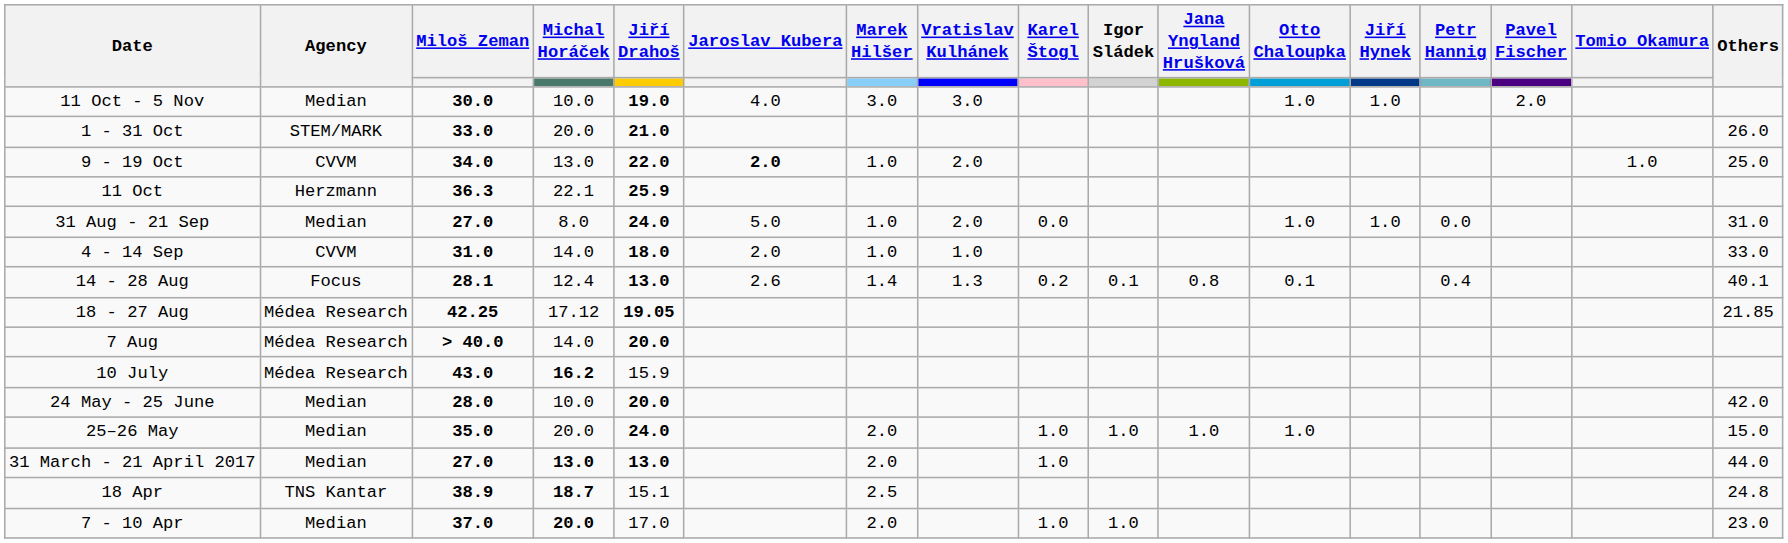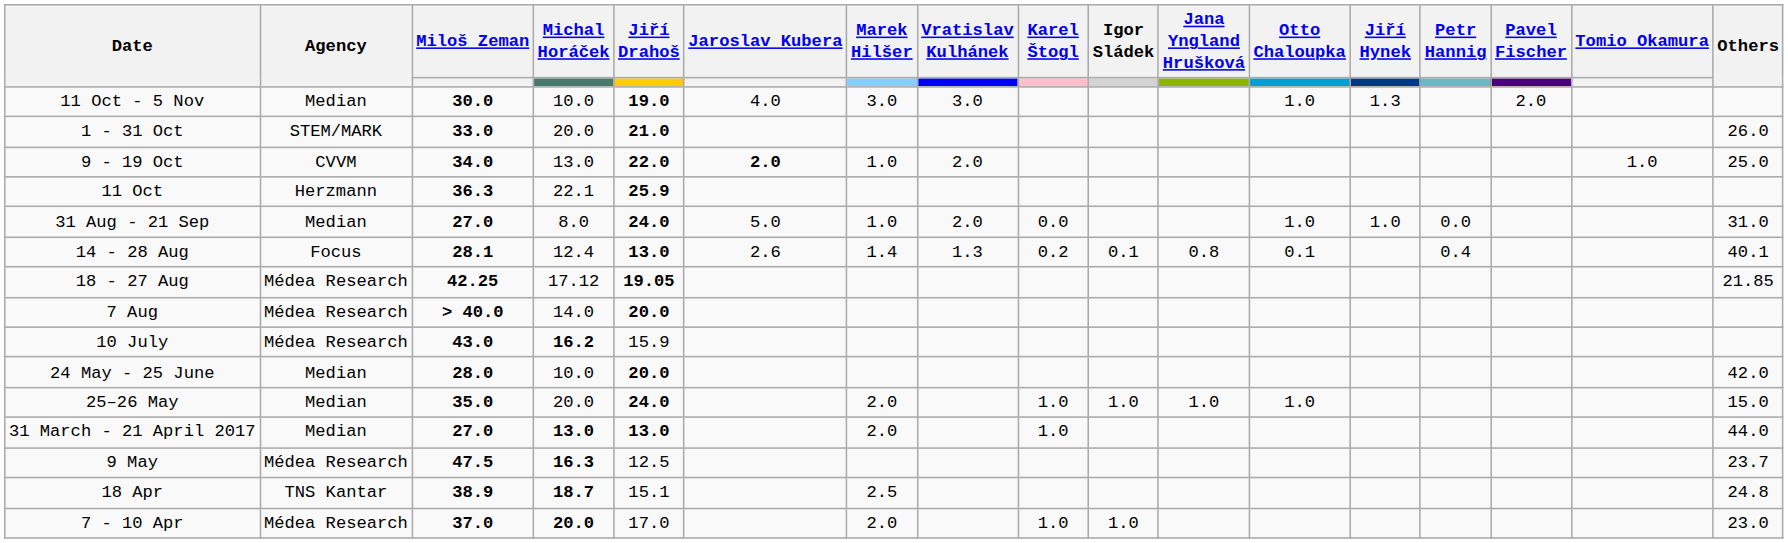 <table class="wikitable collapsible collapsed" style=text-align:center;font-size:85%;line-height:14px;">
 <tr>
 <th rowspan="2">Date</th>
 <th rowspan="2">Agency</th>
 <th><a href='#'>Miloš Zeman</a></th>
 <th><a href='#'>Michal Horáček</a></th>
 <th><a href='#'>Jiří Drahoš</a></th>
 <th><a href='#'>Jaroslav Kubera</a></th>
 <th><a href='#'>Marek Hilšer</a></th>
 <th><a href='#'>Vratislav Kulhánek</a></th>
 <th><a href='#'>Karel Štogl</a></th>
 <th>Igor Sládek</th>
 <th><a href='#'>Jana Yngland Hrušková</a></th>
 <th><a href='#'>Otto Chaloupka</a></th>
 <th><a href='#'>Jiří Hynek</a></th>
 <th><a href='#'>Petr Hannig</a></th>
 <th><a href='#'>Pavel Fischer</a></th>
 <th><a href='#'>Tomio Okamura</a></th>
 <th rowspan="2">Others</th>
 </tr>
 <tr>
 <th style="background:"></th>
 <th style="background:#49796B; width:40px;"></th>
 <th style="background:#FFCB03; width:40px;"></th>
 <th style="background:"></th>
 <th style="background:#87CEFA; width:40px;"></th>
 <th style="background:#0000FF; width:40px;"></th>
 <th style="background:#ffc0cb; width:40px;"></th>
 <th style="background:#d3d3d3; width:40px;"></th>
 <th style="background:#8DB600; width:40px;"></th>
 <th style="background:#009FD7; width:40px;"></th>
 <th style="background:#013888; width:40px;"></th>
 <th style="background:#6FB7C5; width:40px;"></th>
 <th style="background:#4b0082; width:40px;"></th>
 <th style="background:"></th>
 </tr>
 <tr>
 <td>11 Oct - 5 Nov</td>
 <td>Median</td>
 <td><strong>30.0</strong></td>
 <td>10.0</td>
 <td><strong>19.0</strong></td>
 <td>4.0</td>
 <td>3.0</td>
 <td>3.0</td>
 <td></td>
 <td></td>
 <td></td>
 <td>1.0</td>
-<td>1.0</td>
+<td>1.3</td>
 <td></td>
 <td>2.0</td>
 <td></td>
 <td></td>
 </tr>
 <tr>
 <td>1 - 31 Oct</td>
 <td>STEM/MARK</td>
 <td><strong>33.0</strong></td>
 <td>20.0</td>
 <td><strong>21.0</strong></td>
 <td></td>
 <td></td>
 <td></td>
 <td></td>
 <td></td>
 <td></td>
 <td></td>
 <td></td>
 <td></td>
 <td></td>
 <td></td>
 <td>26.0</td>
 </tr>
 <tr>
 <td>9 - 19 Oct</td>
 <td>CVVM</td>
 <td><strong>34.0</strong></td>
 <td>13.0</td>
 <td><strong>22.0</strong></td>
 <td><strong>2.0</strong></td>
 <td>1.0</td>
 <td>2.0</td>
 <td></td>
 <td></td>
 <td></td>
 <td></td>
 <td></td>
 <td></td>
 <td></td>
 <td>1.0</td>
 <td>25.0</td>
 </tr>
 <tr>
 <td>11 Oct</td>
 <td>Herzmann</td>
 <td><strong>36.3</strong></td>
 <td>22.1</td>
 <td><strong>25.9</strong></td>
 <td></td>
 <td></td>
 <td></td>
 <td></td>
 <td></td>
 <td></td>
 <td></td>
 <td></td>
 <td></td>
 <td></td>
 <td></td>
 <td></td>
 </tr>
 <tr>
 <td>31 Aug - 21 Sep</td>
 <td>Median</td>
 <td><strong>27.0</strong></td>
 <td>8.0</td>
 <td><strong>24.0</strong></td>
 <td>5.0</td>
 <td>1.0</td>
 <td>2.0</td>
 <td>0.0</td>
 <td></td>
 <td></td>
 <td>1.0</td>
 <td>1.0</td>
 <td>0.0</td>
 <td></td>
 <td></td>
 <td>31.0</td>
-</tr>
-<tr>
-<td>4 - 14 Sep</td>
-<td>CVVM</td>
-<td><strong>31.0</strong></td>
-<td>14.0</td>
-<td><strong>18.0</strong></td>
-<td>2.0</td>
-<td>1.0</td>
-<td>1.0</td>
-<td></td>
-<td></td>
-<td></td>
-<td></td>
-<td></td>
-<td></td>
-<td></td>
-<td></td>
-<td>33.0</td>
 </tr>
 <tr>
 <td>14 - 28 Aug</td>
 <td>Focus</td>
 <td><strong>28.1</strong></td>
 <td>12.4</td>
 <td><strong>13.0</strong></td>
 <td>2.6</td>
 <td>1.4</td>
 <td>1.3</td>
 <td>0.2</td>
 <td>0.1</td>
 <td>0.8</td>
 <td>0.1</td>
 <td></td>
 <td>0.4</td>
 <td></td>
 <td></td>
 <td>40.1</td>
 </tr>
 <tr>
 <td>18 - 27 Aug</td>
 <td>Médea Research</td>
 <td><strong>42.25</strong></td>
 <td>17.12</td>
 <td><strong>19.05</strong></td>
 <td></td>
 <td></td>
 <td></td>
 <td></td>
 <td></td>
 <td></td>
 <td></td>
 <td></td>
 <td></td>
 <td></td>
 <td></td>
 <td>21.85</td>
 </tr>
 <tr>
 <td>7 Aug</td>
 <td>Médea Research</td>
 <td><strong>> 40.0</strong></td>
 <td>14.0</td>
 <td><strong>20.0</strong></td>
 <td></td>
 <td></td>
 <td></td>
 <td></td>
 <td></td>
 <td></td>
 <td></td>
 <td></td>
 <td></td>
 <td></td>
 <td></td>
 <td></td>
 </tr>
 <tr>
 <td>10 July</td>
 <td>Médea Research</td>
 <td><strong>43.0</strong></td>
 <td><strong>16.2</strong></td>
 <td>15.9</td>
 <td></td>
 <td></td>
 <td></td>
 <td></td>
 <td></td>
 <td></td>
 <td></td>
 <td></td>
 <td></td>
 <td></td>
 <td></td>
 <td></td>
 </tr>
 <tr>
 <td>24 May - 25 June</td>
 <td>Median</td>
 <td><strong>28.0</strong></td>
 <td>10.0</td>
 <td><strong>20.0</strong></td>
 <td></td>
 <td></td>
 <td></td>
 <td></td>
 <td></td>
 <td></td>
 <td></td>
 <td></td>
 <td></td>
 <td></td>
 <td></td>
 <td>42.0</td>
 </tr>
 <tr>
 <td>25–26 May</td>
 <td>Median</td>
 <td><strong>35.0</strong></td>
 <td>20.0</td>
 <td><strong>24.0</strong></td>
 <td></td>
 <td>2.0</td>
 <td></td>
 <td>1.0</td>
 <td>1.0</td>
 <td>1.0</td>
 <td>1.0</td>
 <td></td>
 <td></td>
 <td></td>
 <td></td>
 <td>15.0</td>
 </tr>
 <tr>
 <td>31 March - 21 April 2017</td>
 <td>Median</td>
 <td><strong>27.0</strong></td>
 <td><strong>13.0</strong></td>
 <td><strong>13.0</strong></td>
 <td></td>
 <td>2.0</td>
 <td></td>
 <td>1.0</td>
 <td></td>
 <td></td>
 <td></td>
 <td></td>
 <td></td>
 <td></td>
 <td></td>
 <td>44.0</td>
 </tr>
 <tr>
+<td>9 May</td>
+<td>Médea Research</td>
+<td><strong>47.5</strong></td>
+<td><strong>16.3</strong></td>
+<td>12.5</td>
+<td></td>
+<td></td>
+<td></td>
+<td></td>
+<td></td>
+<td></td>
+<td></td>
+<td></td>
+<td></td>
+<td></td>
+<td></td>
+<td>23.7</td>
+</tr>
+<tr>
 <td>18 Apr</td>
 <td>TNS Kantar</td>
 <td><strong>38.9</strong></td>
 <td><strong>18.7</strong></td>
 <td>15.1</td>
 <td></td>
 <td>2.5</td>
 <td></td>
 <td></td>
 <td></td>
 <td></td>
 <td></td>
 <td></td>
 <td></td>
 <td></td>
 <td></td>
 <td>24.8</td>
 </tr>
 <tr>
 <td>7 - 10 Apr</td>
-<td>Median</td>
+<td>Médea Research</td>
 <td><strong>37.0</strong></td>
 <td><strong>20.0</strong></td>
 <td>17.0</td>
 <td></td>
 <td>2.0</td>
 <td></td>
 <td>1.0</td>
 <td>1.0</td>
 <td></td>
 <td></td>
 <td></td>
 <td></td>
 <td></td>
 <td></td>
 <td>23.0</td>
 </tr>
 </table>
